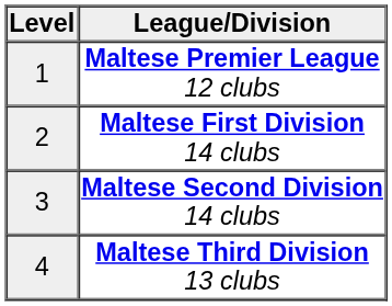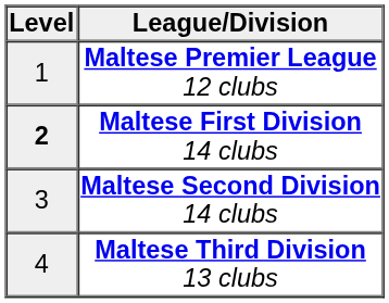 <table align="center" border="1" cellspacing="0">
 <tr style="background:#efefef;">
 <th>Level</th>
 <th>League/Division</th>
 </tr>
 <tr>
 <td align="center" style="background:#efefef;">1</td>
 <td align="center"><strong><a href='#'>Maltese Premier League</a></strong><br><em>12 clubs</em></td>
 </tr>
 <tr>
-<td align="center" style="background:#efefef;">2</td>
+<td align="center" style="background:#efefef;"><strong>2</strong></td>
 <td align="center"><strong><a href='#'>Maltese First Division</a></strong><br><em>14 clubs</em></td>
 </tr>
 <tr>
 <td align="center" style="background:#efefef;">3</td>
 <td align="center"><strong><a href='#'>Maltese Second Division</a></strong><br><em>14 clubs</em></td>
 </tr>
 <tr>
 <td align="center" style="background:#efefef;">4</td>
 <td align="center"><strong><a href='#'>Maltese Third Division</a></strong><br><em>13 clubs</em></td>
 </tr>
 </table>
